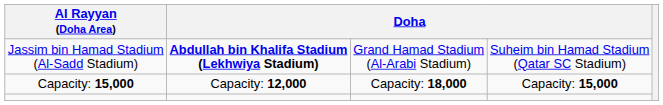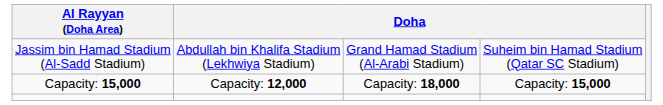 <table class="wikitable" style="margin:1em auto; text-align:center;">
 <tr>
 <th><a href='#'>Al Rayyan</a><br> <small>(<a href='#'>Doha Area</a>)</small></th>
 <th colspan="3"><a href='#'>Doha</a></th>
 <th rowspan="4"></th>
 </tr>
 <tr>
 <td><a href='#'>Jassim bin Hamad Stadium</a><br>(<a href='#'>Al-Sadd</a> Stadium)</td>
-<td><strong><a href='#'>Abdullah bin Khalifa Stadium</a><br>(<a href='#'>Lekhwiya</a> Stadium)</strong></td>
+<td><a href='#'>Abdullah bin Khalifa Stadium</a><br>(<a href='#'>Lekhwiya</a> Stadium)</td>
 <td><a href='#'>Grand Hamad Stadium</a><br>(<a href='#'>Al-Arabi</a> Stadium)</td>
 <td><a href='#'>Suheim bin Hamad Stadium</a><br>(<a href='#'>Qatar SC</a> Stadium)</td>
 </tr>
 <tr>
 <td>Capacity: <strong>15,000</strong></td>
 <td>Capacity: <strong>12,000</strong></td>
 <td>Capacity: <strong>18,000</strong></td>
 <td>Capacity: <strong>15,000</strong></td>
 </tr>
 <tr>
 <td></td>
 <td></td>
 <td></td>
 <td></td>
 </tr>
 </table>
